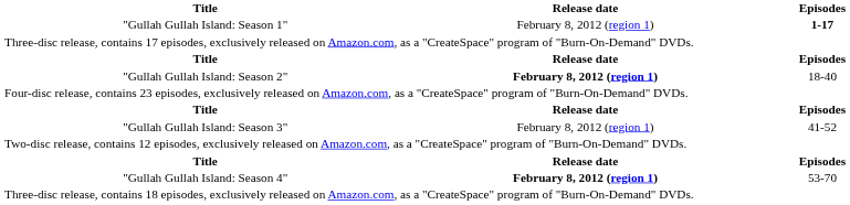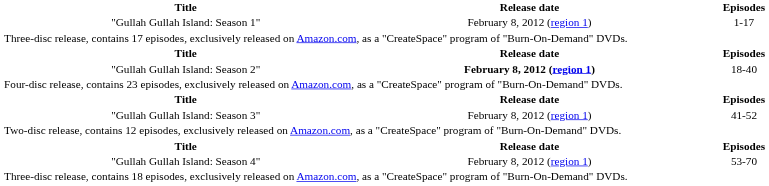 <table class="Wiki table" style="width:90%;">
 <tr>
 <th>Title</th>
 <th>Release date</th>
 <th>Episodes</th>
 </tr>
 <tr colspan="3" style="text-align:center;">
 <td>"Gullah Gullah Island: Season 1"</td>
 <td>February 8, 2012 (<a href='#'>region 1</a>)</td>
-<td><strong>1-17</strong></td>
+<td>1-17</td>
 </tr>
 <tr>
 <td colspan="3">Three-disc release, contains 17 episodes, exclusively released on <a href='#'>Amazon.com</a>, as a "CreateSpace" program of "Burn-On-Demand" DVDs.</td>
 </tr>
 <tr>
 <th>Title</th>
 <th>Release date</th>
 <th>Episodes</th>
 </tr>
 <tr colspan="3" style="text-align:center;">
 <td>"Gullah Gullah Island: Season 2"</td>
 <td><strong>February 8, 2012 (<a href='#'>region 1</a>)</strong></td>
 <td>18-40</td>
 </tr>
 <tr>
 <td colspan="3">Four-disc release, contains 23 episodes, exclusively released on <a href='#'>Amazon.com</a>, as a "CreateSpace" program of "Burn-On-Demand" DVDs.</td>
 </tr>
 <tr>
 <th>Title</th>
 <th>Release date</th>
 <th>Episodes</th>
 </tr>
 <tr colspan="3" style="text-align:center;">
 <td>"Gullah Gullah Island: Season 3"</td>
 <td>February 8, 2012 (<a href='#'>region 1</a>)</td>
 <td>41-52</td>
 </tr>
 <tr>
 <td colspan="3">Two-disc release, contains 12 episodes, exclusively released on <a href='#'>Amazon.com</a>, as a "CreateSpace" program of "Burn-On-Demand" DVDs.</td>
 </tr>
 <tr>
 <th>Title</th>
 <th>Release date</th>
 <th>Episodes</th>
 </tr>
 <tr colspan="3" style="text-align:center;">
 <td>"Gullah Gullah Island: Season 4"</td>
-<td><strong>February 8, 2012 (<a href='#'>region 1</a>)</strong></td>
+<td>February 8, 2012 (<a href='#'>region 1</a>)</td>
 <td>53-70</td>
 </tr>
 <tr>
 <td colspan="3">Three-disc release, contains 18 episodes, exclusively released on <a href='#'>Amazon.com</a>, as a "CreateSpace" program of "Burn-On-Demand" DVDs.</td>
 </tr>
 </table>
